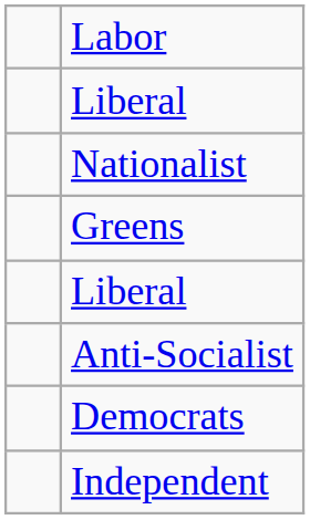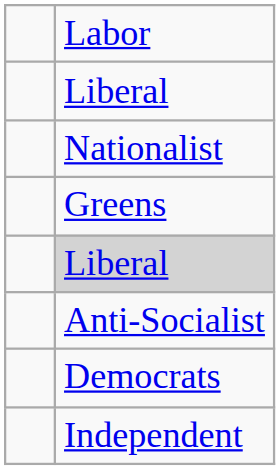 <table class="wikitable">
 <tr>
 <td width=15 > </td>
 <td><a href='#'>Labor</a></td>
 </tr>
 <tr>
 <td width=15 > </td>
 <td><a href='#'>Liberal</a></td>
 </tr>
 <tr>
 <td width=15 > </td>
 <td><a href='#'>Nationalist</a></td>
 </tr>
 <tr>
 <td width=15 > </td>
 <td><a href='#'>Greens</a></td>
 </tr>
 <tr>
 <td width=15 > </td>
-<td><a href='#'>Liberal</a></td>
+<td style="background: lightgrey;"><a href='#'>Liberal</a></td>
 </tr>
 <tr>
 <td width=15 > </td>
 <td><a href='#'>Anti-Socialist</a></td>
 </tr>
 <tr>
 <td width=15 > </td>
 <td><a href='#'>Democrats</a></td>
 </tr>
 <tr>
 <td width=15 > </td>
 <td><a href='#'>Independent</a></td>
 </tr>
 </table>
